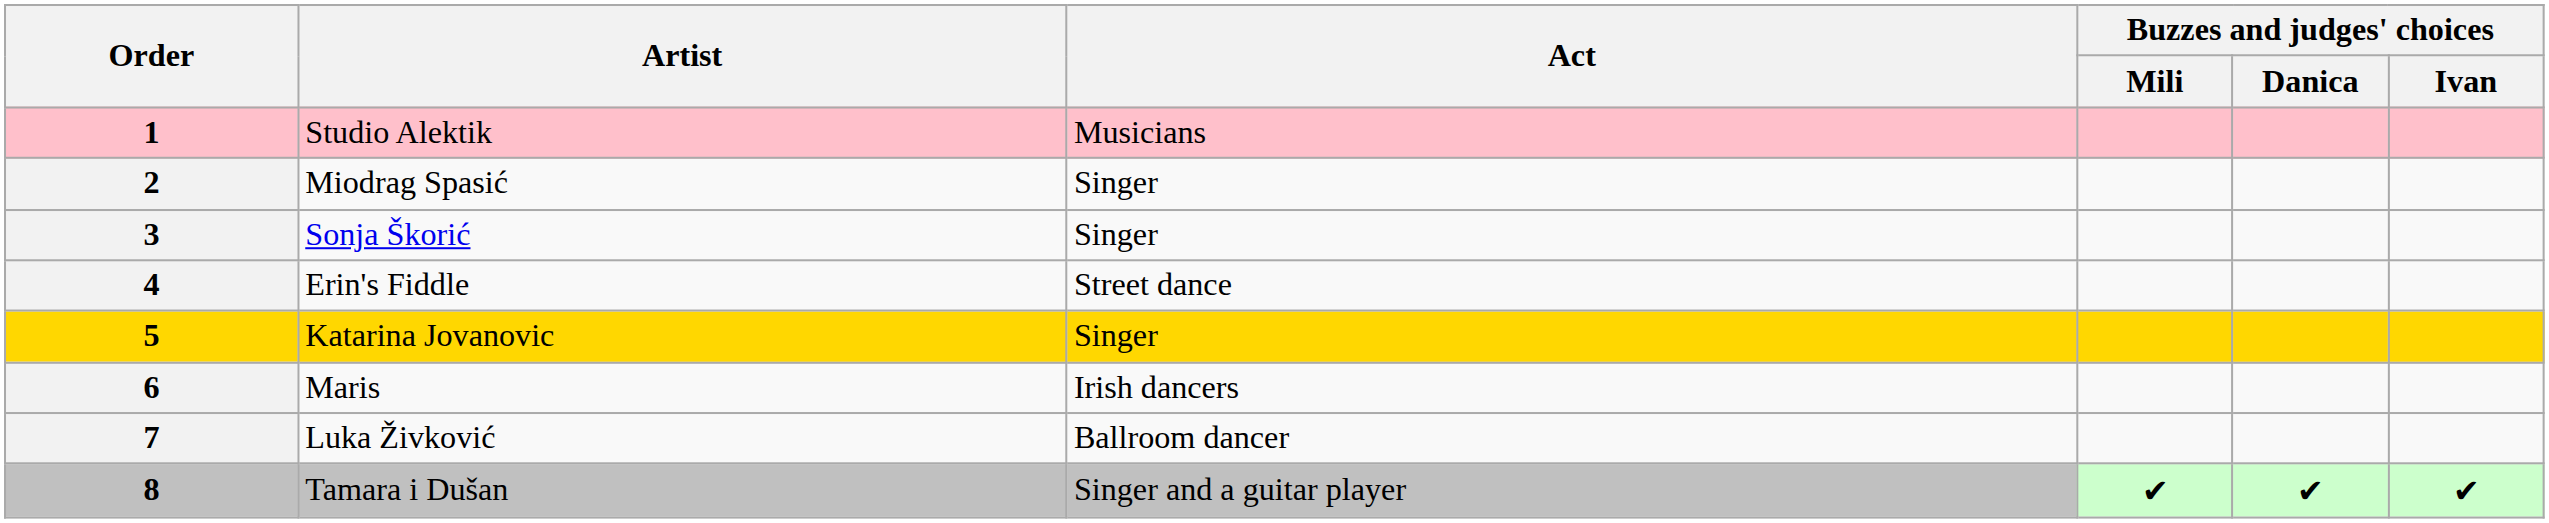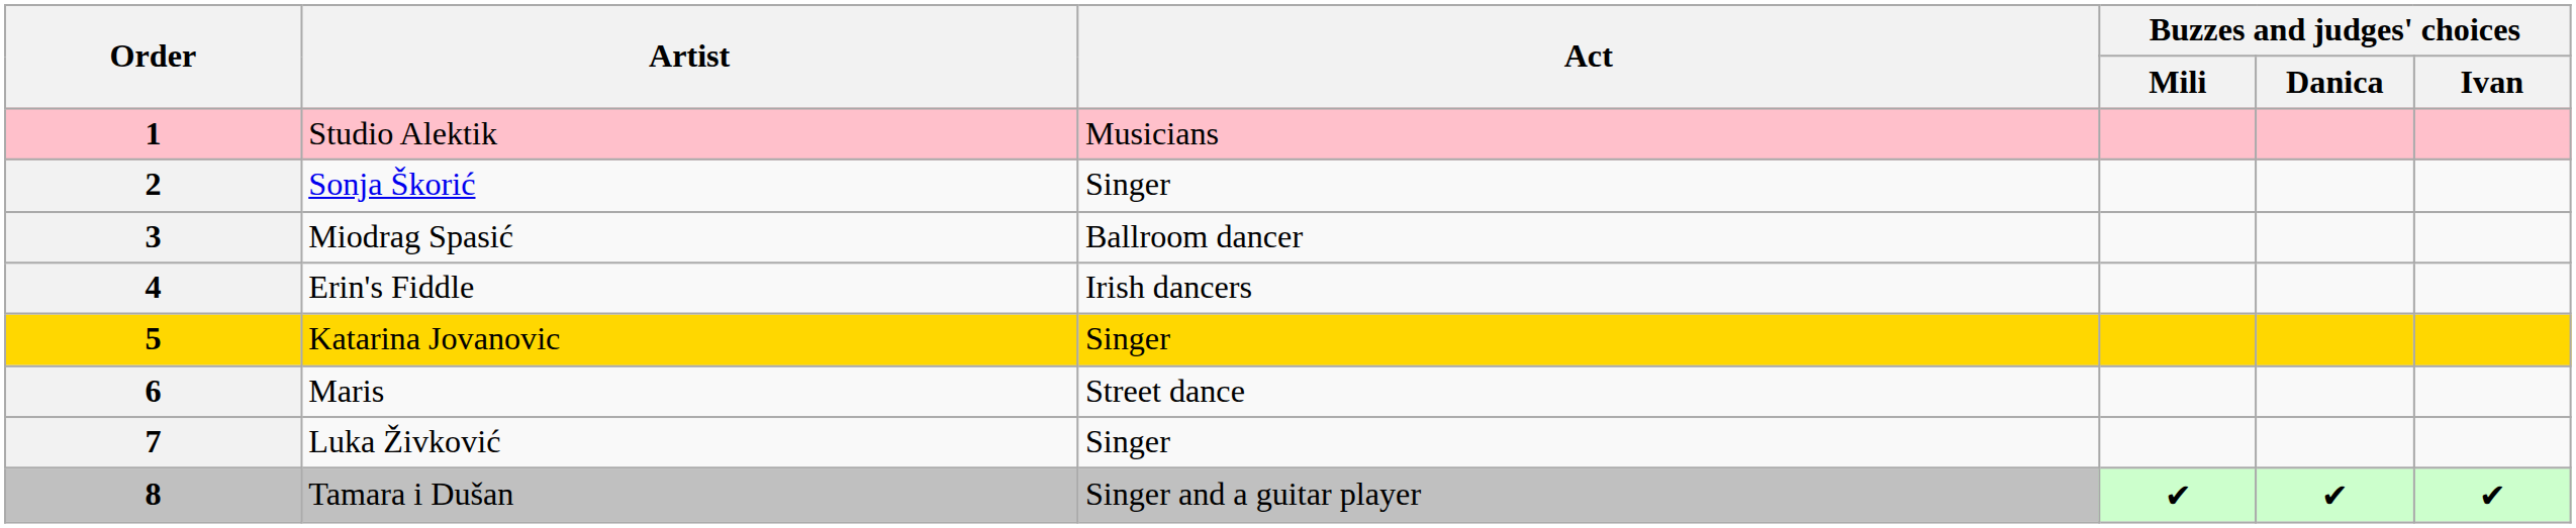 <table class="wikitable" style="width:100%;">
 <tr>
 <th rowspan=2>Order</th>
 <th rowspan=2>Artist</th>
 <th rowspan=2>Act</th>
 <th colspan=3>Buzzes and judges' choices</th>
 </tr>
 <tr>
 <th width="70">Mili</th>
 <th width="70">Danica</th>
 <th width="70">Ivan</th>
 </tr>
 <tr>
 <th style="background:pink;">1</th>
 <td style="background:pink;">Studio Alektik</td>
 <td style="background:pink;">Musicians</td>
 <td style="background:pink;"></td>
 <td style="background:pink;"></td>
 <td style="background:pink;"></td>
 </tr>
 <tr>
 <th>2</th>
-<td>Miodrag Spasić</td>
+<td><a href='#'>Sonja Škorić</a></td>
 <td>Singer</td>
 <td></td>
 <td></td>
 <td></td>
 </tr>
 <tr>
 <th>3</th>
-<td><a href='#'>Sonja Škorić</a></td>
-<td>Singer</td>
+<td>Miodrag Spasić</td>
+<td>Ballroom dancer</td>
 <td></td>
 <td></td>
 <td></td>
 </tr>
 <tr>
 <th>4</th>
 <td>Erin's Fiddle</td>
-<td>Street dance</td>
+<td>Irish dancers</td>
 <td></td>
 <td></td>
 <td></td>
 </tr>
 <tr>
 <th style="background:gold;">5</th>
 <td style="background:gold;">Katarina Jovanovic</td>
 <td style="background:gold;">Singer</td>
 <td style="background:gold;"></td>
 <td style="background:gold;"></td>
 <td style="background:gold;"></td>
 </tr>
 <tr>
 <th>6</th>
 <td>Maris</td>
-<td>Irish dancers</td>
+<td>Street dance</td>
 <td></td>
 <td></td>
 <td></td>
 </tr>
 <tr>
 <th>7</th>
 <td>Luka Živković</td>
-<td>Ballroom dancer</td>
+<td>Singer</td>
 <td></td>
 <td></td>
 <td></td>
 </tr>
 <tr>
 <th style="background:silver;">8</th>
 <td style="background:silver;">Tamara i Dušan</td>
 <td style="background:silver;">Singer and a guitar player</td>
 <td style="background:#cfc; text-align:center;">✔</td>
 <td style="background:#cfc; text-align:center;">✔</td>
 <td style="background:#cfc; text-align:center;">✔</td>
 </tr>
 </table>
